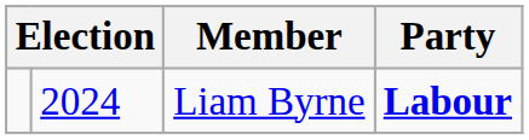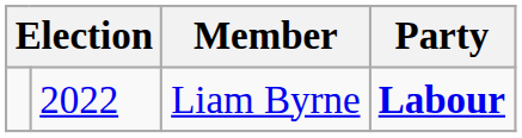 <table class="wikitable">
 <tr>
 <th colspan="2">Election</th>
 <th>Member</th>
 <th>Party</th>
 </tr>
 <tr>
 <td style="color:inherit;background-color: "></td>
-<td><a href='#'>2024</a></td>
+<td><a href='#'>2022</a></td>
 <td><a href='#'>Liam Byrne</a></td>
 <td><strong><a href='#'>Labour</a></strong></td>
 </tr>
 </table>
